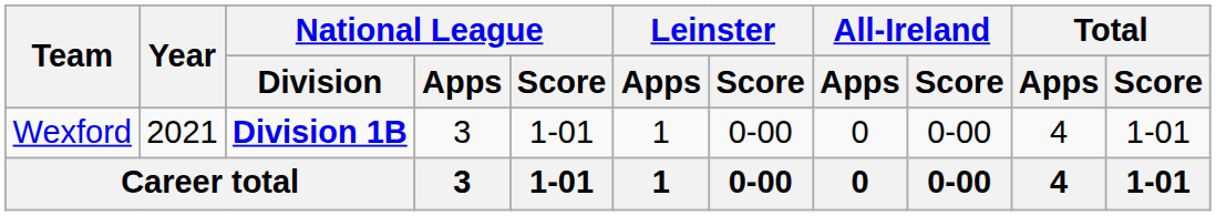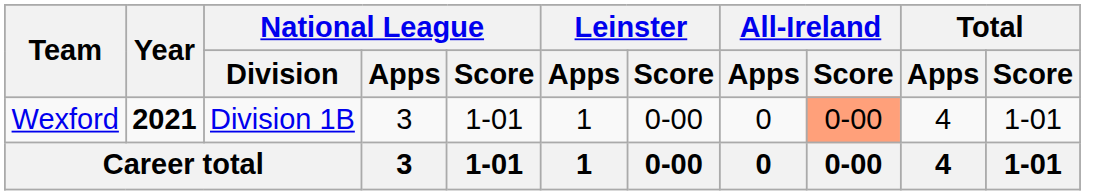 <table class="wikitable" style="text-align:center">
 <tr>
 <th rowspan="2">Team</th>
 <th rowspan="2">Year</th>
 <th colspan="3"><a href='#'>National League</a></th>
 <th colspan="2"><a href='#'>Leinster</a></th>
 <th colspan="2"><a href='#'>All-Ireland</a></th>
 <th colspan="2">Total</th>
 </tr>
 <tr>
 <th>Division</th>
 <th>Apps</th>
 <th>Score</th>
 <th>Apps</th>
 <th>Score</th>
 <th>Apps</th>
 <th>Score</th>
 <th>Apps</th>
 <th>Score</th>
 </tr>
 <tr>
 <td rowspan="1"><a href='#'>Wexford</a></td>
-<td>2021</td>
-<td rowspan="1"><strong><a href='#'>Division 1B</a></strong></td>
+<td><strong>2021</strong></td>
+<td rowspan="1"><a href='#'>Division 1B</a></td>
 <td>3</td>
 <td>1-01</td>
 <td>1</td>
 <td>0-00</td>
 <td>0</td>
-<td>0-00</td>
+<td style="background: lightsalmon;">0-00</td>
 <td>4</td>
 <td>1-01</td>
 </tr>
 <tr>
 <th colspan="3">Career total</th>
 <th>3</th>
 <th>1-01</th>
 <th>1</th>
 <th>0-00</th>
 <th>0</th>
 <th>0-00</th>
 <th>4</th>
 <th>1-01</th>
 </tr>
 </table>
